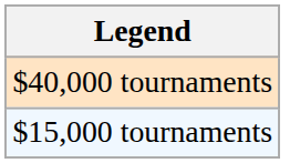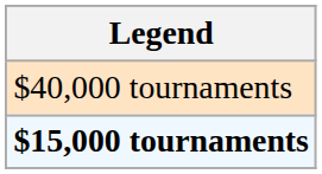 <table class="wikitable" style=font-size:90%>
 <tr>
 <th>Legend</th>
 </tr>
 <tr style=background:#ffe4c4>
 <td>$40,000 tournaments</td>
 </tr>
 <tr style=background:#f0f8ff>
-<td>$15,000 tournaments</td>
+<td><strong>$15,000 tournaments</strong></td>
 </tr>
 </table>
